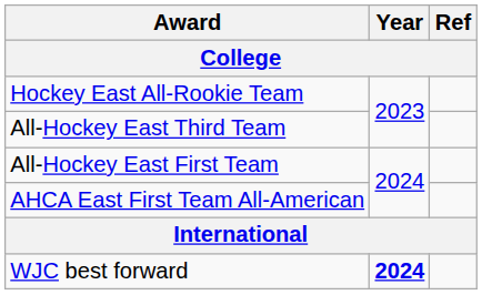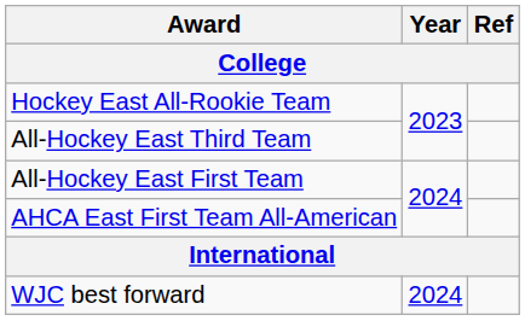 <table class="wikitable">
 <tr>
 <th>Award</th>
 <th>Year</th>
 <th>Ref</th>
 </tr>
 <tr>
 <th colspan="3"><a href='#'>College</a></th>
 </tr>
 <tr>
 <td><a href='#'>Hockey East All-Rookie Team</a></td>
 <td rowspan="2"><a href='#'>2023</a></td>
 <td></td>
 </tr>
 <tr>
 <td>All-<a href='#'>Hockey East Third Team</a></td>
 <td></td>
 </tr>
 <tr>
 <td>All-<a href='#'>Hockey East First Team</a></td>
 <td rowspan="2"><a href='#'>2024</a></td>
 <td></td>
 </tr>
 <tr>
 <td><a href='#'>AHCA East First Team All-American</a></td>
 <td></td>
 </tr>
 <tr>
 <th colspan="3"><a href='#'>International</a></th>
 </tr>
 <tr>
 <td><a href='#'>WJC</a> best forward</td>
-<td><strong><a href='#'>2024</a></strong></td>
+<td><a href='#'>2024</a></td>
 <td></td>
 </tr>
 </table>
